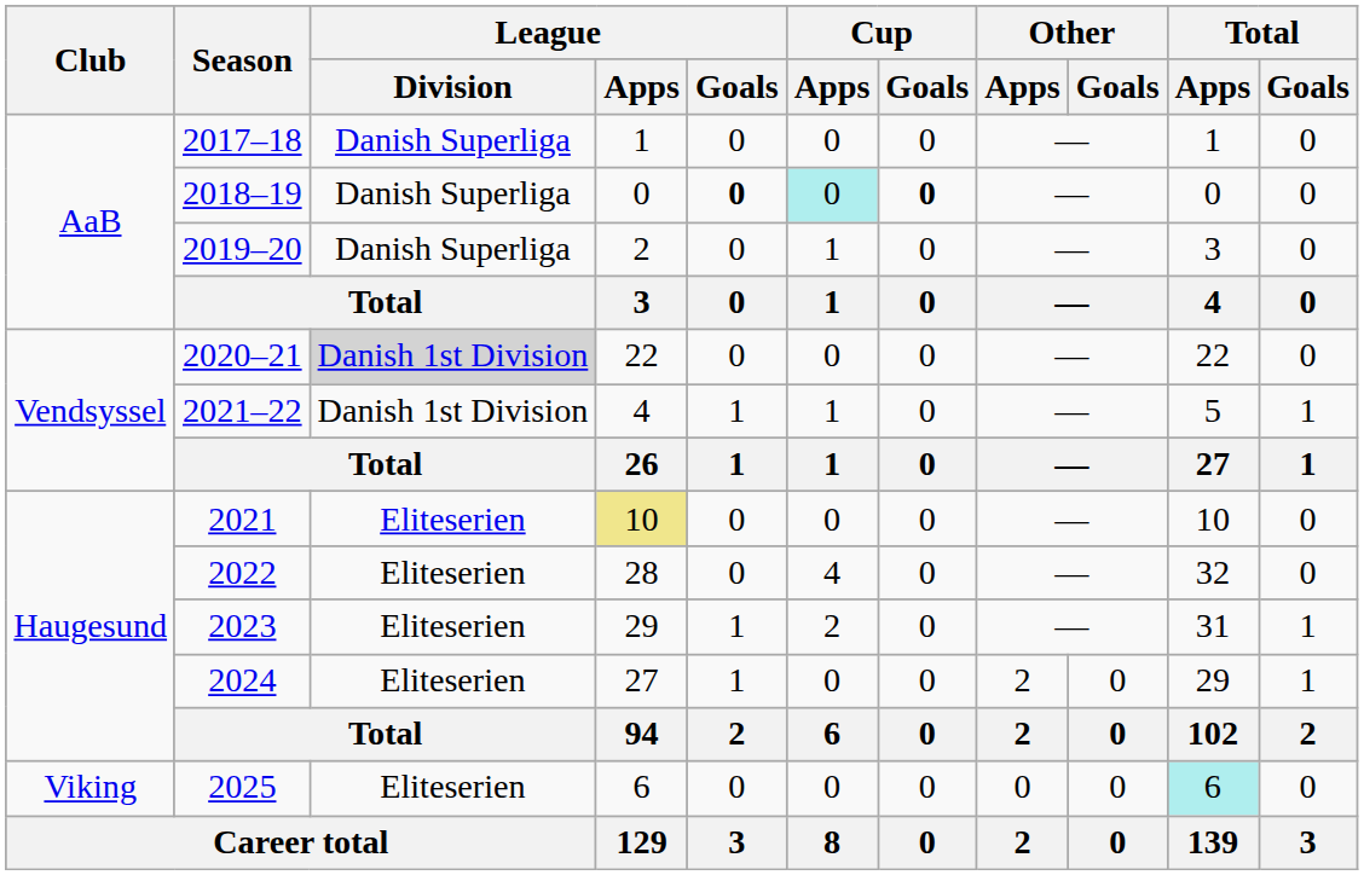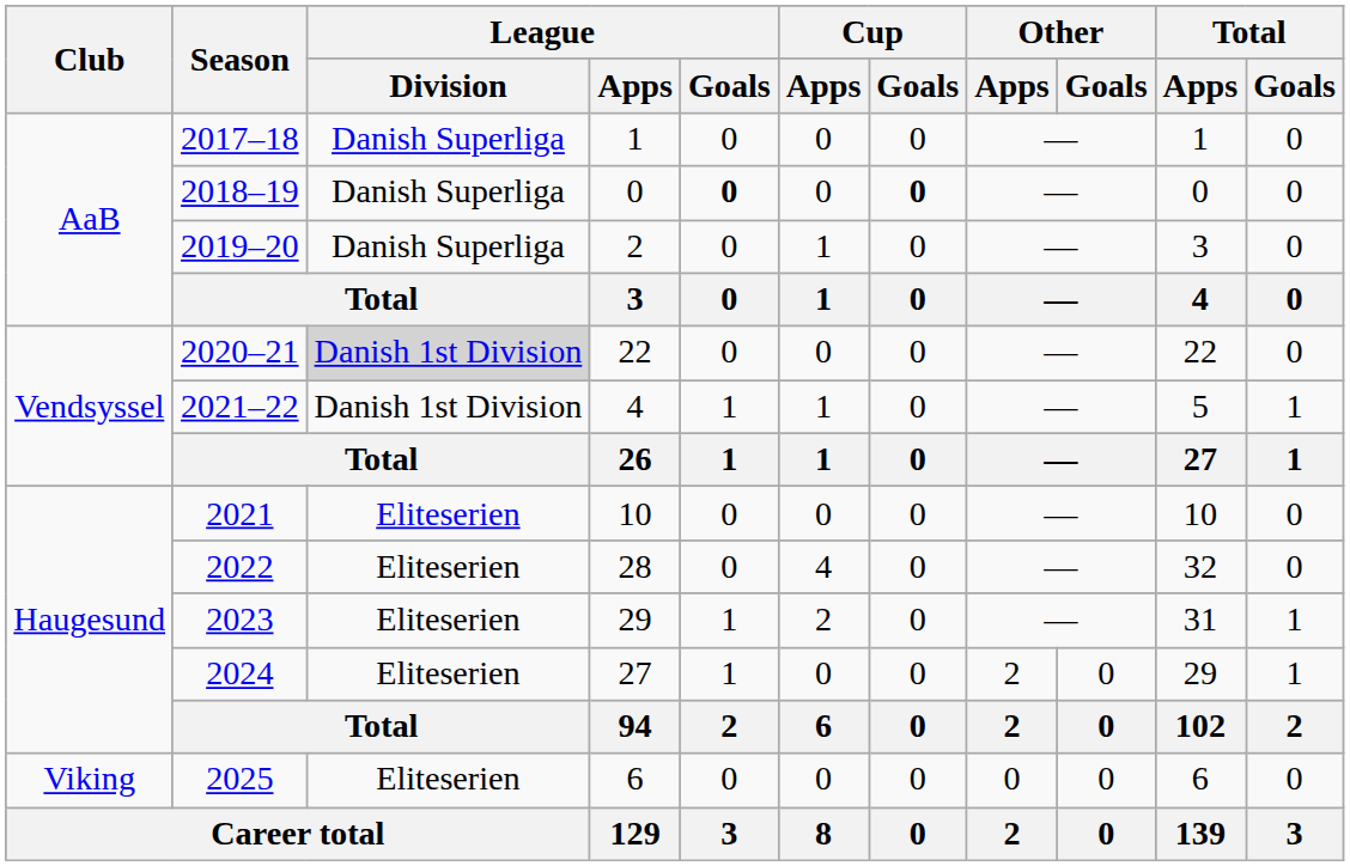 <table class="wikitable" style="text-align: center;">
 <tr>
 <th rowspan="2">Club</th>
 <th rowspan="2">Season</th>
 <th colspan="3">League</th>
 <th colspan="2">Cup</th>
 <th colspan="2">Other</th>
 <th colspan="2">Total</th>
 </tr>
 <tr>
 <th>Division</th>
 <th>Apps</th>
 <th>Goals</th>
 <th>Apps</th>
 <th>Goals</th>
 <th>Apps</th>
 <th>Goals</th>
 <th>Apps</th>
 <th>Goals</th>
 </tr>
 <tr>
 <td rowspan="4"><a href='#'>AaB</a></td>
 <td><a href='#'>2017–18</a></td>
 <td><a href='#'>Danish Superliga</a></td>
 <td>1</td>
 <td>0</td>
 <td>0</td>
 <td>0</td>
 <td colspan="2">—</td>
 <td>1</td>
 <td>0</td>
 </tr>
 <tr>
 <td><a href='#'>2018–19</a></td>
 <td>Danish Superliga</td>
 <td>0</td>
 <td><strong>0</strong></td>
-<td style="background: paleturquoise;">0</td>
+<td>0</td>
 <td><strong>0</strong></td>
 <td colspan="2">—</td>
 <td>0</td>
 <td>0</td>
 </tr>
 <tr>
 <td><a href='#'>2019–20</a></td>
 <td>Danish Superliga</td>
 <td>2</td>
 <td>0</td>
 <td>1</td>
 <td>0</td>
 <td colspan="2">—</td>
 <td>3</td>
 <td>0</td>
 </tr>
 <tr>
 <th colspan="2">Total</th>
 <th>3</th>
 <th>0</th>
 <th>1</th>
 <th>0</th>
 <th colspan="2">—</th>
 <th>4</th>
 <th>0</th>
 </tr>
 <tr>
 <td rowspan="3"><a href='#'>Vendsyssel</a></td>
 <td><a href='#'>2020–21</a></td>
 <td style="background: lightgrey;"><a href='#'>Danish 1st Division</a></td>
 <td>22</td>
 <td>0</td>
 <td>0</td>
 <td>0</td>
 <td colspan="2">—</td>
 <td>22</td>
 <td>0</td>
 </tr>
 <tr>
 <td><a href='#'>2021–22</a></td>
 <td>Danish 1st Division</td>
 <td>4</td>
 <td>1</td>
 <td>1</td>
 <td>0</td>
 <td colspan="2">—</td>
 <td>5</td>
 <td>1</td>
 </tr>
 <tr>
 <th colspan="2">Total</th>
 <th>26</th>
 <th>1</th>
 <th>1</th>
 <th>0</th>
 <th colspan="2">—</th>
 <th>27</th>
 <th>1</th>
 </tr>
 <tr>
 <td rowspan="5"><a href='#'>Haugesund</a></td>
 <td><a href='#'>2021</a></td>
 <td><a href='#'>Eliteserien</a></td>
-<td style="background: khaki;">10</td>
+<td>10</td>
 <td>0</td>
 <td>0</td>
 <td>0</td>
 <td colspan="2">—</td>
 <td>10</td>
 <td>0</td>
 </tr>
 <tr>
 <td><a href='#'>2022</a></td>
 <td>Eliteserien</td>
 <td>28</td>
 <td>0</td>
 <td>4</td>
 <td>0</td>
 <td colspan="2">—</td>
 <td>32</td>
 <td>0</td>
 </tr>
 <tr>
 <td><a href='#'>2023</a></td>
 <td>Eliteserien</td>
 <td>29</td>
 <td>1</td>
 <td>2</td>
 <td>0</td>
 <td colspan="2">—</td>
 <td>31</td>
 <td>1</td>
 </tr>
 <tr>
 <td><a href='#'>2024</a></td>
 <td>Eliteserien</td>
 <td>27</td>
 <td>1</td>
 <td>0</td>
 <td>0</td>
 <td>2</td>
 <td>0</td>
 <td>29</td>
 <td>1</td>
 </tr>
 <tr>
 <th colspan="2">Total</th>
 <th>94</th>
 <th>2</th>
 <th>6</th>
 <th>0</th>
 <th>2</th>
 <th>0</th>
 <th>102</th>
 <th>2</th>
 </tr>
 <tr>
 <td><a href='#'>Viking</a></td>
 <td><a href='#'>2025</a></td>
 <td>Eliteserien</td>
 <td>6</td>
 <td>0</td>
 <td>0</td>
 <td>0</td>
 <td>0</td>
 <td>0</td>
-<td style="background: paleturquoise;">6</td>
+<td>6</td>
 <td>0</td>
 </tr>
 <tr>
 <th colspan="3">Career total</th>
 <th>129</th>
 <th>3</th>
 <th>8</th>
 <th>0</th>
 <th>2</th>
 <th>0</th>
 <th>139</th>
 <th>3</th>
 </tr>
 </table>
